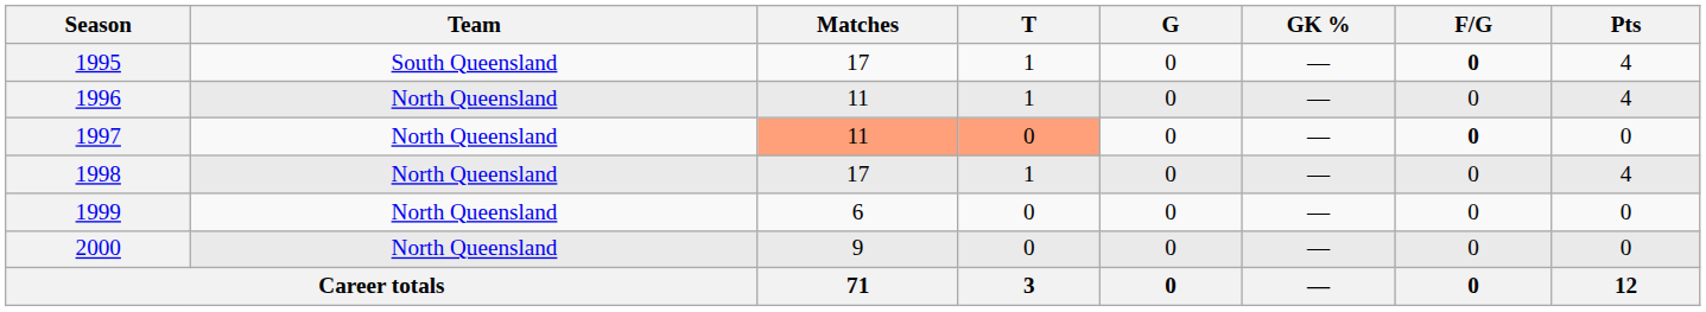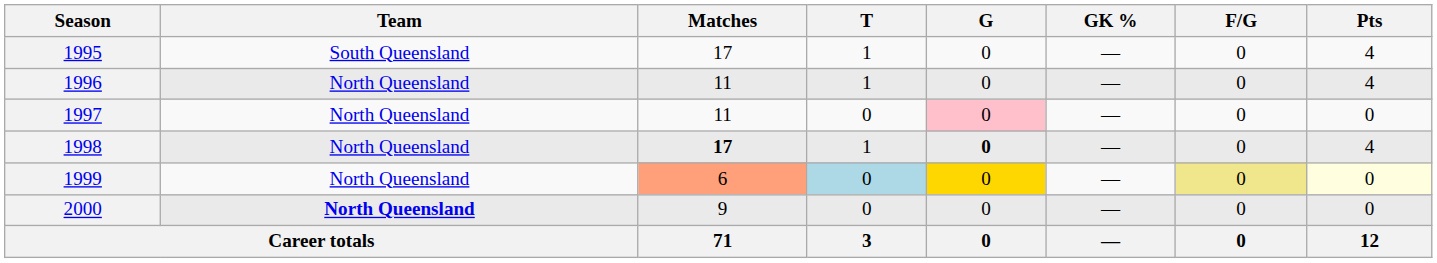 <table class="wikitable sortable"  style="font-size:90%; text-align:center; width:85%;">
 <tr>
 <th width=2%>Season</th>
 <th width=8%>Team</th>
 <th width=2%>Matches</th>
 <th width=2%>T</th>
 <th width=2%>G</th>
 <th width=2%>GK %</th>
 <th width=2%>F/G</th>
 <th width=2%>Pts</th>
 </tr>
 <tr>
 <th scope="row" style="text-align:center; font-weight:normal"><a href='#'>1995</a></th>
 <td style="text-align:center;"> <a href='#'>South Queensland</a></td>
 <td>17</td>
 <td>1</td>
 <td>0</td>
 <td>—</td>
-<td><strong>0</strong></td>
+<td>0</td>
 <td>4</td>
 </tr>
 <tr style="background:#eaeaea;">
 <th scope="row" style="text-align:center; font-weight:normal"><a href='#'>1996</a></th>
 <td style="text-align:center;"> <a href='#'>North Queensland</a></td>
 <td>11</td>
 <td>1</td>
 <td>0</td>
 <td>—</td>
 <td>0</td>
 <td>4</td>
 </tr>
 <tr>
 <th scope="row" style="text-align:center; font-weight:normal"><a href='#'>1997</a></th>
 <td style="text-align:center;"> <a href='#'>North Queensland</a></td>
-<td style="background: lightsalmon;">11</td>
-<td style="background: lightsalmon;">0</td>
+<td>11</td>
 <td>0</td>
+<td style="background: pink;">0</td>
 <td>—</td>
-<td><strong>0</strong></td>
+<td>0</td>
 <td>0</td>
 </tr>
 <tr style="background:#eaeaea;">
 <th scope="row" style="text-align:center; font-weight:normal"><a href='#'>1998</a></th>
 <td style="text-align:center;"> <a href='#'>North Queensland</a></td>
-<td>17</td>
+<td><strong>17</strong></td>
 <td>1</td>
-<td>0</td>
+<td><strong>0</strong></td>
 <td>—</td>
 <td>0</td>
 <td>4</td>
 </tr>
 <tr>
 <th scope="row" style="text-align:center; font-weight:normal"><a href='#'>1999</a></th>
 <td style="text-align:center;"> <a href='#'>North Queensland</a></td>
-<td>6</td>
-<td>0</td>
-<td>0</td>
+<td style="background: lightsalmon;">6</td>
+<td style="background: lightblue;">0</td>
+<td style="background: gold;">0</td>
 <td>—</td>
-<td>0</td>
-<td>0</td>
+<td style="background: khaki;">0</td>
+<td style="background: lightyellow;">0</td>
 </tr>
 <tr style="background:#eaeaea;">
 <th scope="row" style="text-align:center; font-weight:normal"><a href='#'>2000</a></th>
-<td style="text-align:center;"> <a href='#'>North Queensland</a></td>
+<td style="text-align:center;"><strong> <a href='#'>North Queensland</a></strong></td>
 <td>9</td>
 <td>0</td>
 <td>0</td>
 <td>—</td>
 <td>0</td>
 <td>0</td>
 </tr>
 <tr class="sortbottom">
 <th colspan=2>Career totals</th>
 <th>71</th>
 <th>3</th>
 <th>0</th>
 <th>—</th>
 <th>0</th>
 <th>12</th>
 </tr>
 </table>
